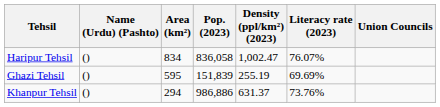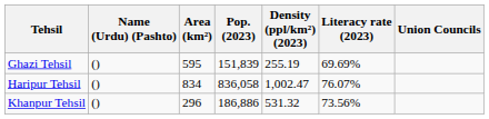 <table class="wikitable sortable static-row-numbers static-row-header-hash">
 <tr>
 <th>Tehsil</th>
 <th>Name<br>(Urdu) (Pashto)</th>
 <th>Area<br>(km²)</th>
 <th>Pop.<br>(2023)</th>
 <th>Density<br>(ppl/km²)<br>(2023)</th>
 <th>Literacy rate<br>(2023)</th>
 <th>Union Councils</th>
 </tr>
 <tr>
+<td><a href='#'>Ghazi Tehsil</a></td>
+<td>()</td>
+<td>595</td>
+<td>151,839</td>
+<td>255.19</td>
+<td>69.69%</td>
+<td></td>
+</tr>
+<tr>
 <td><a href='#'>Haripur Tehsil</a></td>
 <td>()</td>
 <td>834</td>
 <td>836,058</td>
 <td>1,002.47</td>
 <td>76.07%</td>
 <td></td>
 </tr>
 <tr>
-<td><a href='#'>Ghazi Tehsil</a></td>
-<td>()</td>
-<td>595</td>
-<td>151,839</td>
-<td>255.19</td>
-<td>69.69%</td>
-<td></td>
-</tr>
-<tr>
 <td><a href='#'>Khanpur Tehsil</a></td>
 <td>()</td>
-<td>294</td>
-<td>986,886</td>
-<td>631.37</td>
-<td>73.76%</td>
+<td>296</td>
+<td>186,886</td>
+<td>531.32</td>
+<td>73.56%</td>
 <td></td>
 </tr>
 </table>
